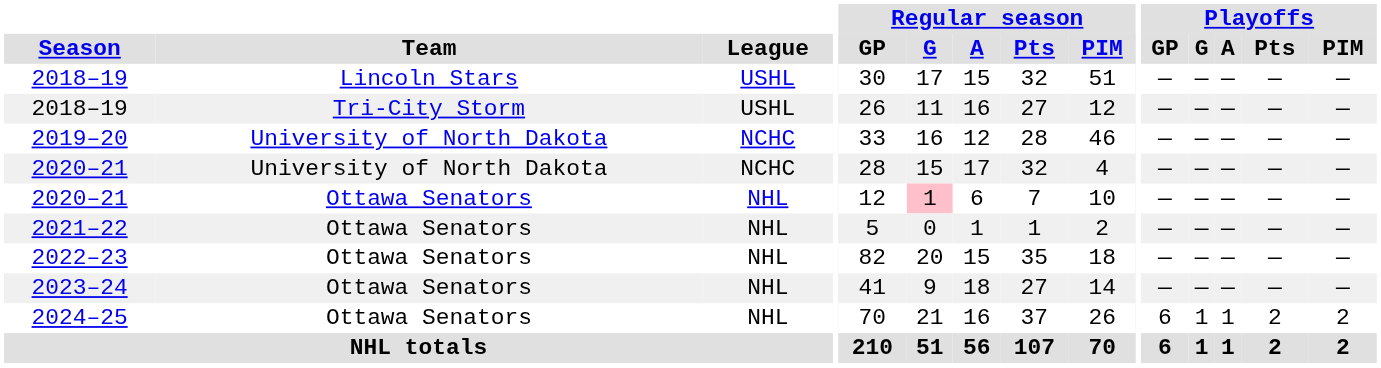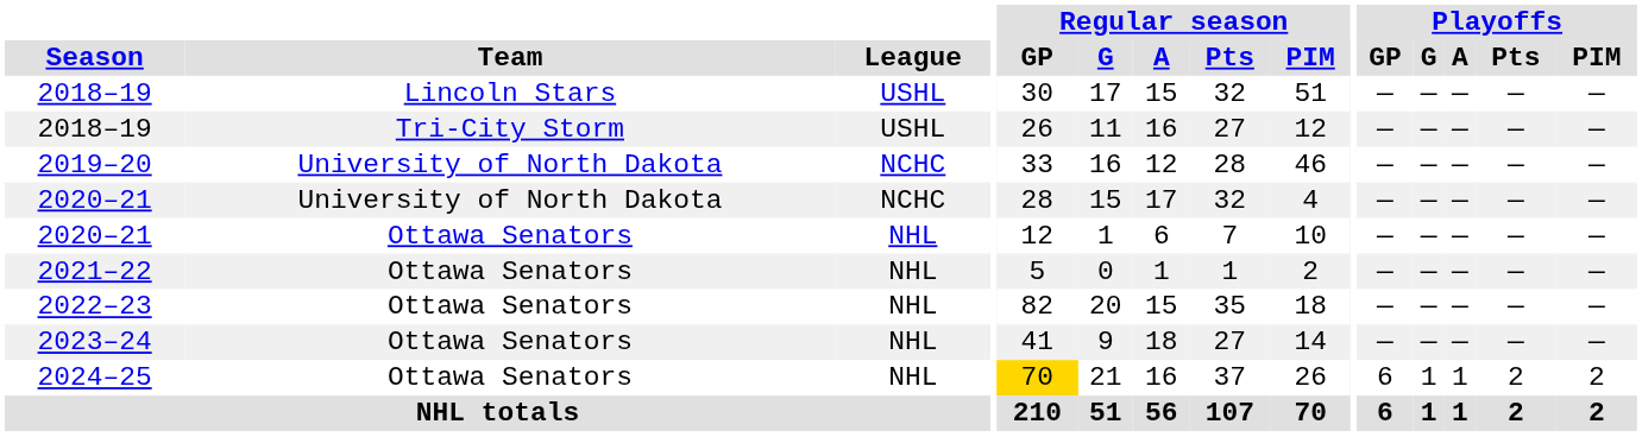 <table border="0" cellpadding="1" cellspacing="0" style="text-align:center; width:60em;">
 <tr bgcolor="#e0e0e0">
 <th colspan="3" bgcolor="#ffffff"></th>
 <th rowspan="99" bgcolor="#ffffff"></th>
 <th colspan="5"><a href='#'>Regular season</a></th>
 <th rowspan="99" bgcolor="#ffffff"></th>
 <th colspan="5"><a href='#'>Playoffs</a></th>
 </tr>
 <tr bgcolor="#e0e0e0">
 <th><a href='#'>Season</a></th>
 <th>Team</th>
 <th>League</th>
 <th>GP</th>
 <th><a href='#'>G</a></th>
 <th><a href='#'>A</a></th>
 <th><a href='#'>Pts</a></th>
 <th><a href='#'>PIM</a></th>
 <th>GP</th>
 <th>G</th>
 <th>A</th>
 <th>Pts</th>
 <th>PIM</th>
 </tr>
 <tr>
 <td><a href='#'>2018–19</a></td>
 <td><a href='#'>Lincoln Stars</a></td>
 <td><a href='#'>USHL</a></td>
 <td>30</td>
 <td>17</td>
 <td>15</td>
 <td>32</td>
 <td>51</td>
 <td>—</td>
 <td>—</td>
 <td>—</td>
 <td>—</td>
 <td>—</td>
 </tr>
 <tr bgcolor="#f0f0f0">
 <td>2018–19</td>
 <td><a href='#'>Tri-City Storm</a></td>
 <td>USHL</td>
 <td>26</td>
 <td>11</td>
 <td>16</td>
 <td>27</td>
 <td>12</td>
 <td>—</td>
 <td>—</td>
 <td>—</td>
 <td>—</td>
 <td>—</td>
 </tr>
 <tr>
 <td><a href='#'>2019–20</a></td>
 <td><a href='#'>University of North Dakota</a></td>
 <td><a href='#'>NCHC</a></td>
 <td>33</td>
 <td>16</td>
 <td>12</td>
 <td>28</td>
 <td>46</td>
 <td>—</td>
 <td>—</td>
 <td>—</td>
 <td>—</td>
 <td>—</td>
 </tr>
 <tr bgcolor="#f0f0f0">
 <td><a href='#'>2020–21</a></td>
 <td>University of North Dakota</td>
 <td>NCHC</td>
 <td>28</td>
 <td>15</td>
 <td>17</td>
 <td>32</td>
 <td>4</td>
 <td>—</td>
 <td>—</td>
 <td>—</td>
 <td>—</td>
 <td>—</td>
 </tr>
 <tr>
 <td><a href='#'>2020–21</a></td>
 <td><a href='#'>Ottawa Senators</a></td>
 <td><a href='#'>NHL</a></td>
 <td>12</td>
-<td style="background: pink;">1</td>
+<td>1</td>
 <td>6</td>
 <td>7</td>
 <td>10</td>
 <td>—</td>
 <td>—</td>
 <td>—</td>
 <td>—</td>
 <td>—</td>
 </tr>
 <tr bgcolor="#f0f0f0">
 <td><a href='#'>2021–22</a></td>
 <td>Ottawa Senators</td>
 <td>NHL</td>
 <td>5</td>
 <td>0</td>
 <td>1</td>
 <td>1</td>
 <td>2</td>
 <td>—</td>
 <td>—</td>
 <td>—</td>
 <td>—</td>
 <td>—</td>
 </tr>
 <tr>
 <td><a href='#'>2022–23</a></td>
 <td>Ottawa Senators</td>
 <td>NHL</td>
 <td>82</td>
 <td>20</td>
 <td>15</td>
 <td>35</td>
 <td>18</td>
 <td>—</td>
 <td>—</td>
 <td>—</td>
 <td>—</td>
 <td>—</td>
 </tr>
 <tr bgcolor="#f0f0f0">
 <td><a href='#'>2023–24</a></td>
 <td>Ottawa Senators</td>
 <td>NHL</td>
 <td>41</td>
 <td>9</td>
 <td>18</td>
 <td>27</td>
 <td>14</td>
 <td>—</td>
 <td>—</td>
 <td>—</td>
 <td>—</td>
 <td>—</td>
 </tr>
 <tr>
 <td><a href='#'>2024–25</a></td>
 <td>Ottawa Senators</td>
 <td>NHL</td>
-<td>70</td>
+<td style="background: gold;">70</td>
 <td>21</td>
 <td>16</td>
 <td>37</td>
 <td>26</td>
 <td>6</td>
 <td>1</td>
 <td>1</td>
 <td>2</td>
 <td>2</td>
 </tr>
 <tr bgcolor="#e0e0e0">
 <th colspan="3">NHL totals</th>
 <th>210</th>
 <th>51</th>
 <th>56</th>
 <th>107</th>
 <th>70</th>
 <th>6</th>
 <th>1</th>
 <th>1</th>
 <th>2</th>
 <th>2</th>
 </tr>
 </table>
